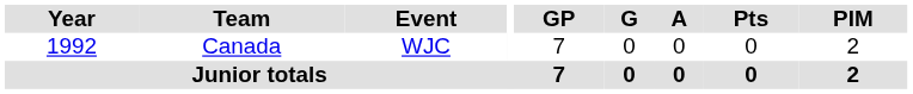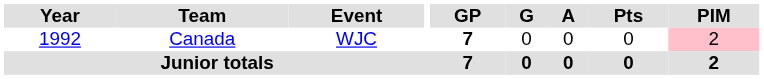 <table border="0" cellpadding="1" cellspacing="0" ID="Table3" style="text-align:center; width:40em">
 <tr bgcolor="#e0e0e0">
 <th>Year</th>
 <th>Team</th>
 <th>Event</th>
 <th rowspan="102" bgcolor="#ffffff"></th>
 <th>GP</th>
 <th>G</th>
 <th>A</th>
 <th>Pts</th>
 <th>PIM</th>
 </tr>
 <tr>
 <td><a href='#'>1992</a></td>
 <td><a href='#'>Canada</a></td>
 <td><a href='#'>WJC</a></td>
-<td>7</td>
+<td><strong>7</strong></td>
 <td>0</td>
 <td>0</td>
 <td>0</td>
-<td>2</td>
+<td style="background: pink;">2</td>
 </tr>
 <tr bgcolor="#e0e0e0">
 <th colspan="4">Junior totals</th>
 <th>7</th>
 <th>0</th>
 <th>0</th>
 <th>0</th>
 <th>2</th>
 </tr>
 </table>
